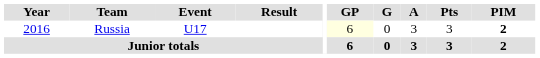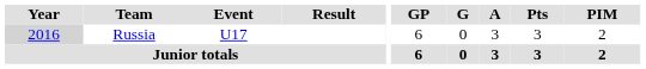 <table border="0" cellpadding="1" cellspacing="0" ID="Table3" style="text-align:center; width:40em">
 <tr ALIGN="center" bgcolor="#e0e0e0">
 <th>Year</th>
 <th>Team</th>
 <th>Event</th>
 <th>Result</th>
 <th rowspan="99" bgcolor="#ffffff"></th>
 <th>GP</th>
 <th>G</th>
 <th>A</th>
 <th>Pts</th>
 <th>PIM</th>
 </tr>
 <tr>
-<td><a href='#'>2016</a></td>
+<td style="background: lightgrey;"><a href='#'>2016</a></td>
 <td><a href='#'>Russia</a></td>
 <td><a href='#'>U17</a></td>
 <td></td>
-<td style="background: lightyellow;">6</td>
+<td>6</td>
 <td>0</td>
 <td>3</td>
 <td>3</td>
-<td><strong>2</strong></td>
+<td>2</td>
 </tr>
 <tr bgcolor="#e0e0e0">
 <th colspan="4">Junior totals</th>
 <th>6</th>
 <th>0</th>
 <th>3</th>
 <th>3</th>
 <th>2</th>
 </tr>
 </table>
